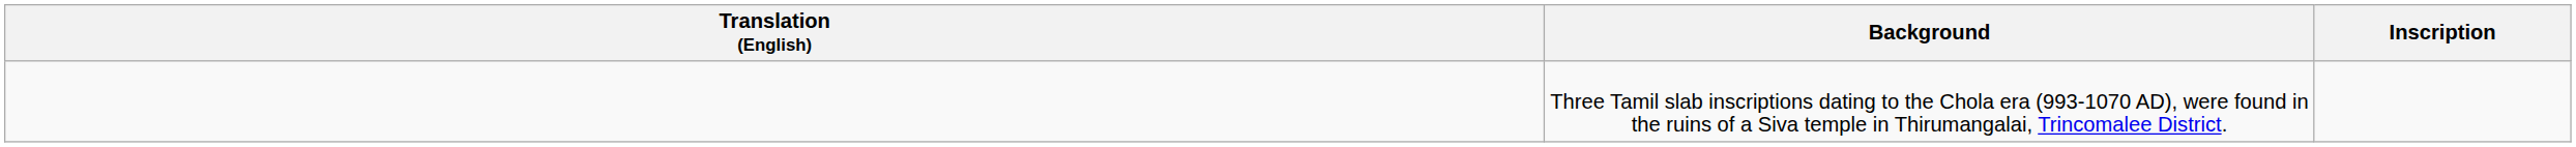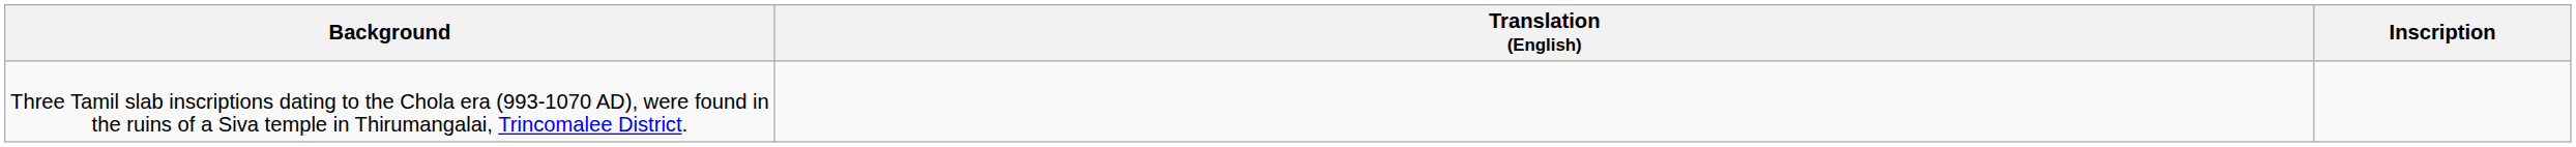 <table class="wikitable centre">
 <tr>
+<th scope="col" align=left>Background<br></th>
 <th>Translation<br><small>(English)</small></th>
-<th scope="col" align=left>Background<br></th>
 <th>Inscription<br></th>
 </tr>
 <tr>
+<td align=center width="30%"><br>Three Tamil slab inscriptions dating to the Chola era (993-1070 AD), were found in the ruins of a Siva temple in Thirumangalai, <a href='#'>Trincomalee District</a>.</td>
 <td align=left><br></td>
-<td align=center width="30%"><br>Three Tamil slab inscriptions dating to the Chola era (993-1070 AD), were found in the ruins of a Siva temple in Thirumangalai, <a href='#'>Trincomalee District</a>.</td>
 <td align=center width="10%"></td>
 </tr>
 </table>
